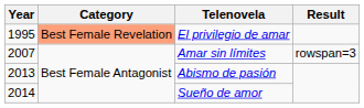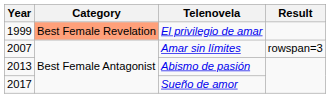 <table class="wikitable">
 <tr>
 <th>Year</th>
 <th>Category</th>
 <th>Telenovela</th>
 <th>Result</th>
 </tr>
 <tr>
-<td>1995</td>
+<td>1999</td>
 <td style="background: lightsalmon;">Best Female Revelation</td>
 <td><em><a href='#'>El privilegio de amar</a></em></td>
 <td></td>
 </tr>
 <tr>
 <td>2007</td>
 <td rowspan=3>Best Female Antagonist</td>
 <td><em><a href='#'>Amar sin límites</a></em></td>
 <td>rowspan=3 </td>
 </tr>
 <tr>
 <td>2013</td>
 <td><em> <a href='#'>Abismo de pasión</a> </em></td>
 </tr>
 <tr>
-<td>2014</td>
+<td>2017</td>
 <td><em> <a href='#'>Sueño de amor</a> </em></td>
 </tr>
 </table>
